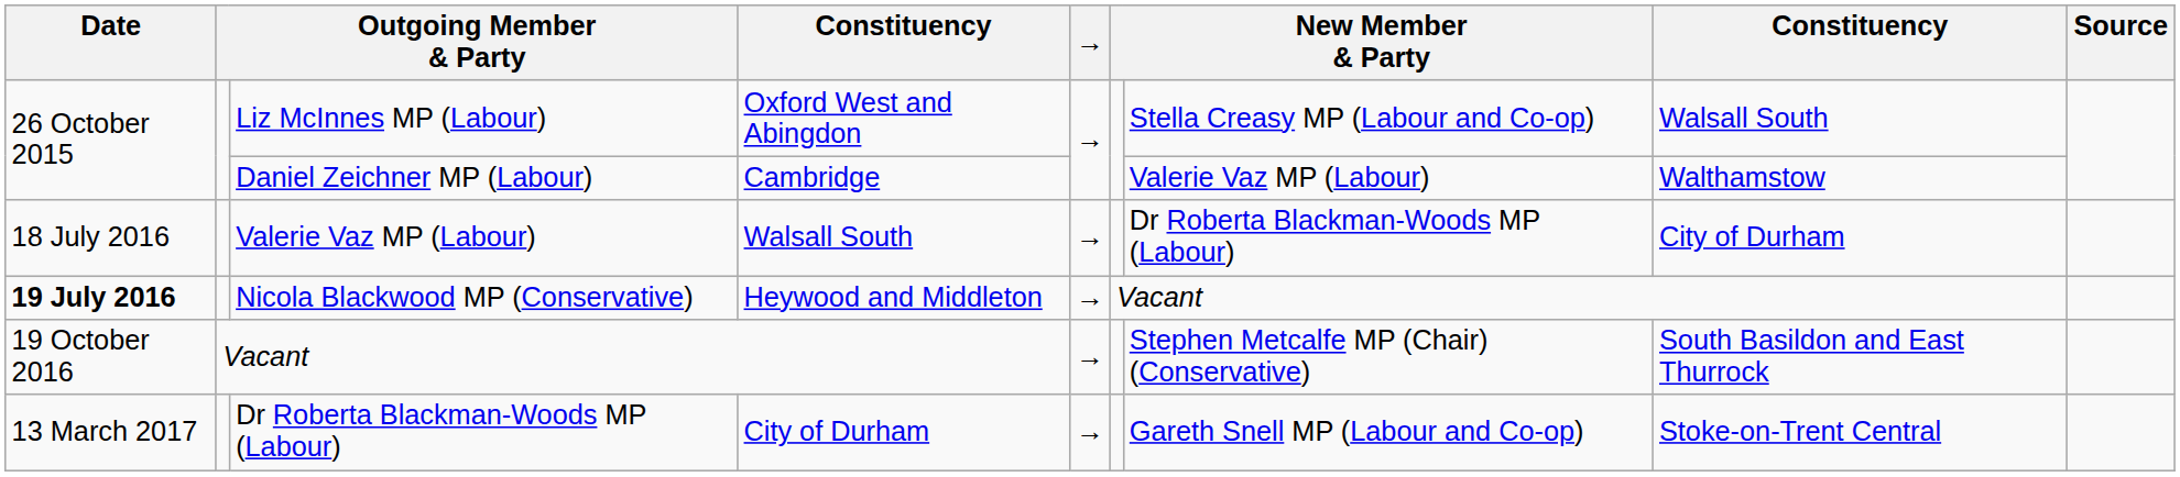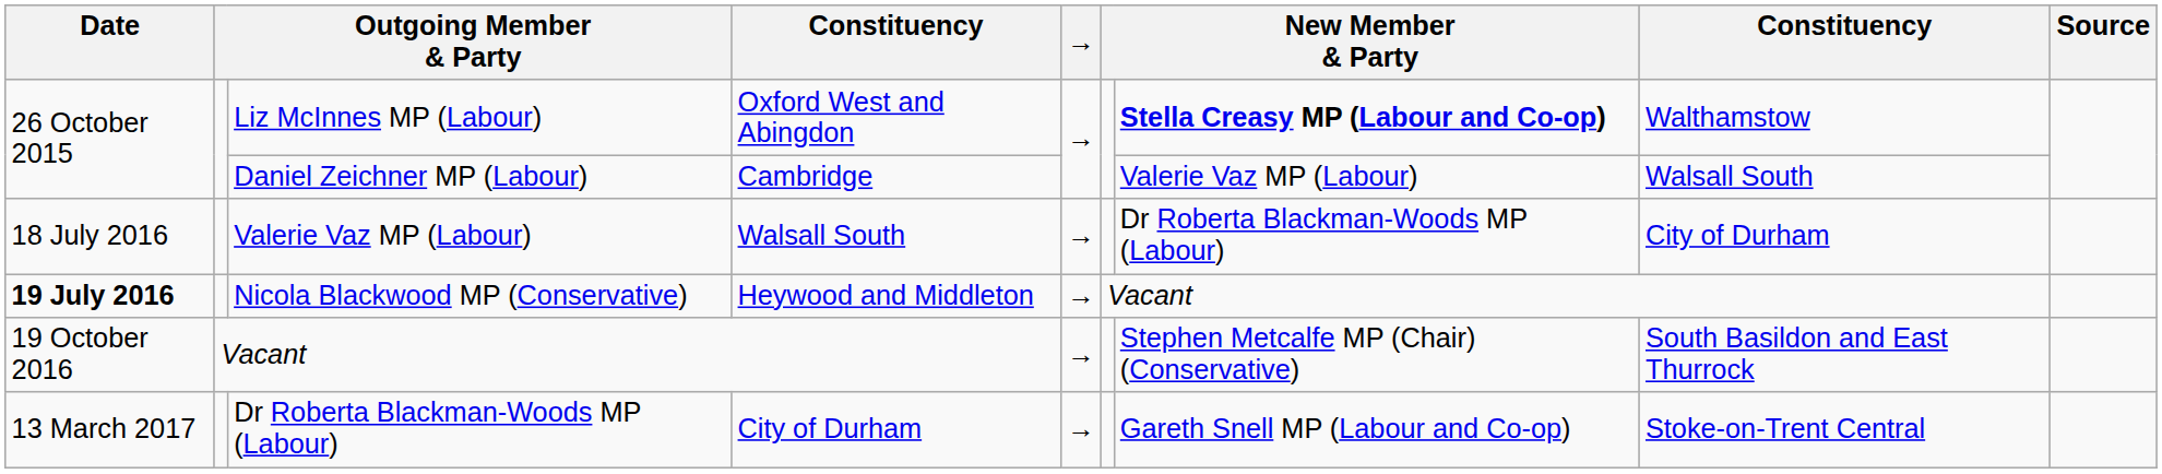 <table class="wikitable">
 <tr>
 <th valign="top">Date</th>
 <th colspan="2" valign="top">Outgoing Member<br>& Party</th>
 <th valign="top">Constituency</th>
 <th>→</th>
 <th colspan="2" valign="top">New Member<br>& Party</th>
 <th valign="top">Constituency</th>
 <th valign="top">Source</th>
 </tr>
 <tr>
 <td rowspan=2>26 October 2015</td>
 <td rowspan=2 style="color:inherit;background:"></td>
 <td><a href='#'>Liz McInnes</a> MP (<a href='#'>Labour</a>)</td>
 <td><a href='#'>Oxford West and Abingdon</a></td>
 <td rowspan=2>→</td>
 <td rowspan=2 style="color:inherit;background:"></td>
-<td><a href='#'>Stella Creasy</a> MP (<a href='#'>Labour and Co-op</a>)</td>
-<td><a href='#'>Walsall South</a></td>
+<td><strong><a href='#'>Stella Creasy</a> MP (<a href='#'>Labour and Co-op</a>)</strong></td>
+<td><a href='#'>Walthamstow</a></td>
 <td rowspan=2></td>
 </tr>
 <tr>
 <td><a href='#'>Daniel Zeichner</a> MP (<a href='#'>Labour</a>)</td>
 <td><a href='#'>Cambridge</a></td>
 <td><a href='#'>Valerie Vaz</a> MP (<a href='#'>Labour</a>)</td>
-<td><a href='#'>Walthamstow</a></td>
+<td><a href='#'>Walsall South</a></td>
 </tr>
 <tr>
 <td>18 July 2016</td>
 <td style="color:inherit;background:"></td>
 <td><a href='#'>Valerie Vaz</a> MP (<a href='#'>Labour</a>)</td>
 <td><a href='#'>Walsall South</a></td>
 <td>→</td>
 <td style="color:inherit;background:"></td>
 <td>Dr <a href='#'>Roberta Blackman-Woods</a> MP (<a href='#'>Labour</a>)</td>
 <td><a href='#'>City of Durham</a></td>
 <td></td>
 </tr>
 <tr>
 <td><strong>19 July 2016</strong></td>
 <td style="color:inherit;background:"></td>
 <td><a href='#'>Nicola Blackwood</a> MP (<a href='#'>Conservative</a>)</td>
 <td><a href='#'>Heywood and Middleton</a></td>
 <td>→</td>
 <td colspan=3><em>Vacant</em></td>
 <td></td>
 </tr>
 <tr>
 <td>19 October 2016</td>
 <td colspan=3><em>Vacant</em></td>
 <td>→</td>
 <td style="color:inherit;background:"></td>
 <td><a href='#'>Stephen Metcalfe</a> MP (Chair) (<a href='#'>Conservative</a>)</td>
 <td><a href='#'>South Basildon and East Thurrock</a></td>
 <td></td>
 </tr>
 <tr>
 <td>13 March 2017</td>
 <td style="color:inherit;background:"></td>
 <td>Dr <a href='#'>Roberta Blackman-Woods</a> MP (<a href='#'>Labour</a>)</td>
 <td><a href='#'>City of Durham</a></td>
 <td>→</td>
 <td style="color:inherit;background:"></td>
 <td><a href='#'>Gareth Snell</a> MP (<a href='#'>Labour and Co-op</a>)</td>
 <td><a href='#'>Stoke-on-Trent Central</a></td>
 <td></td>
 </tr>
 </table>
